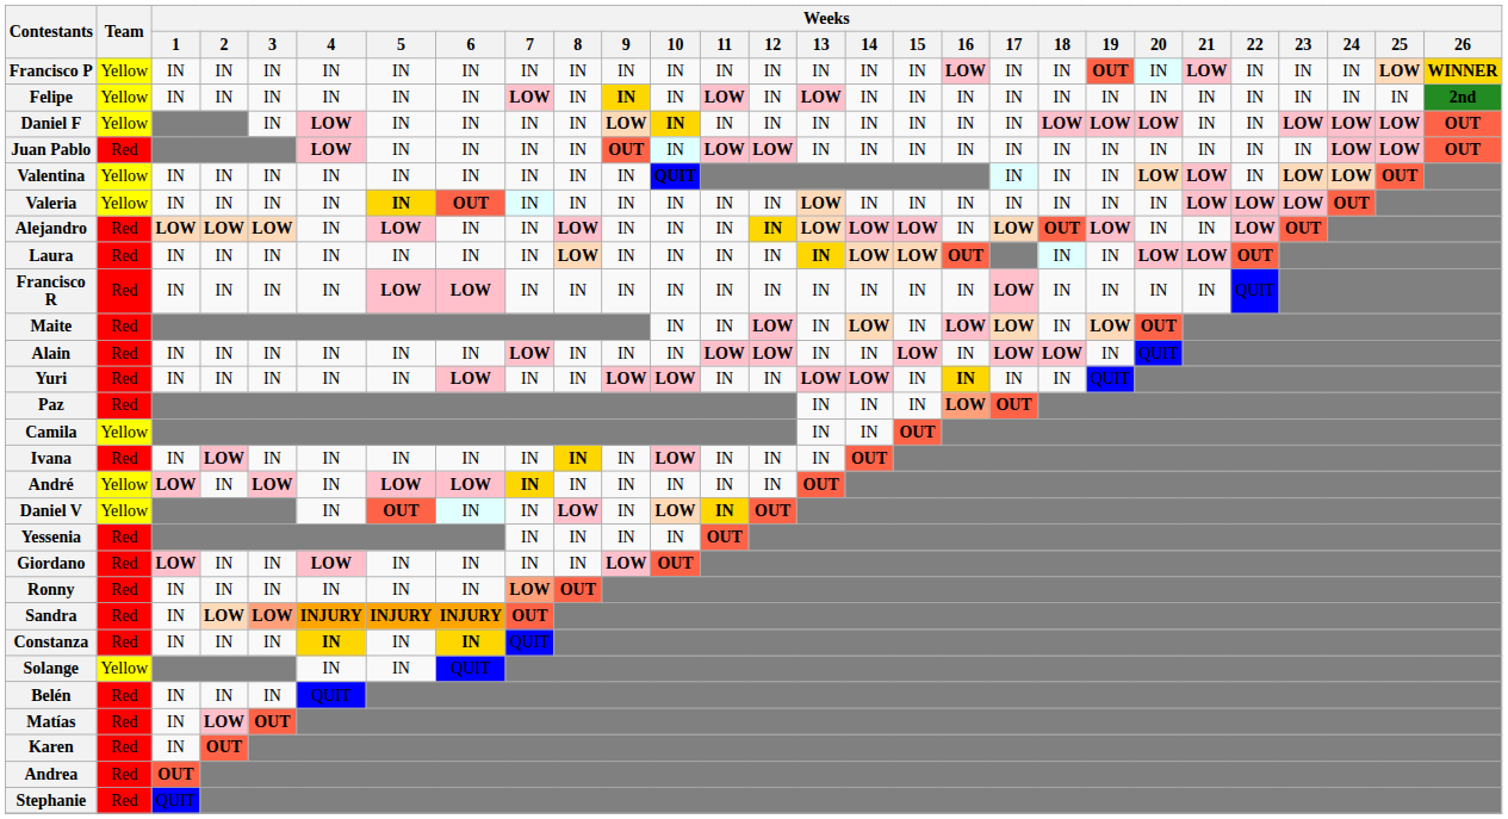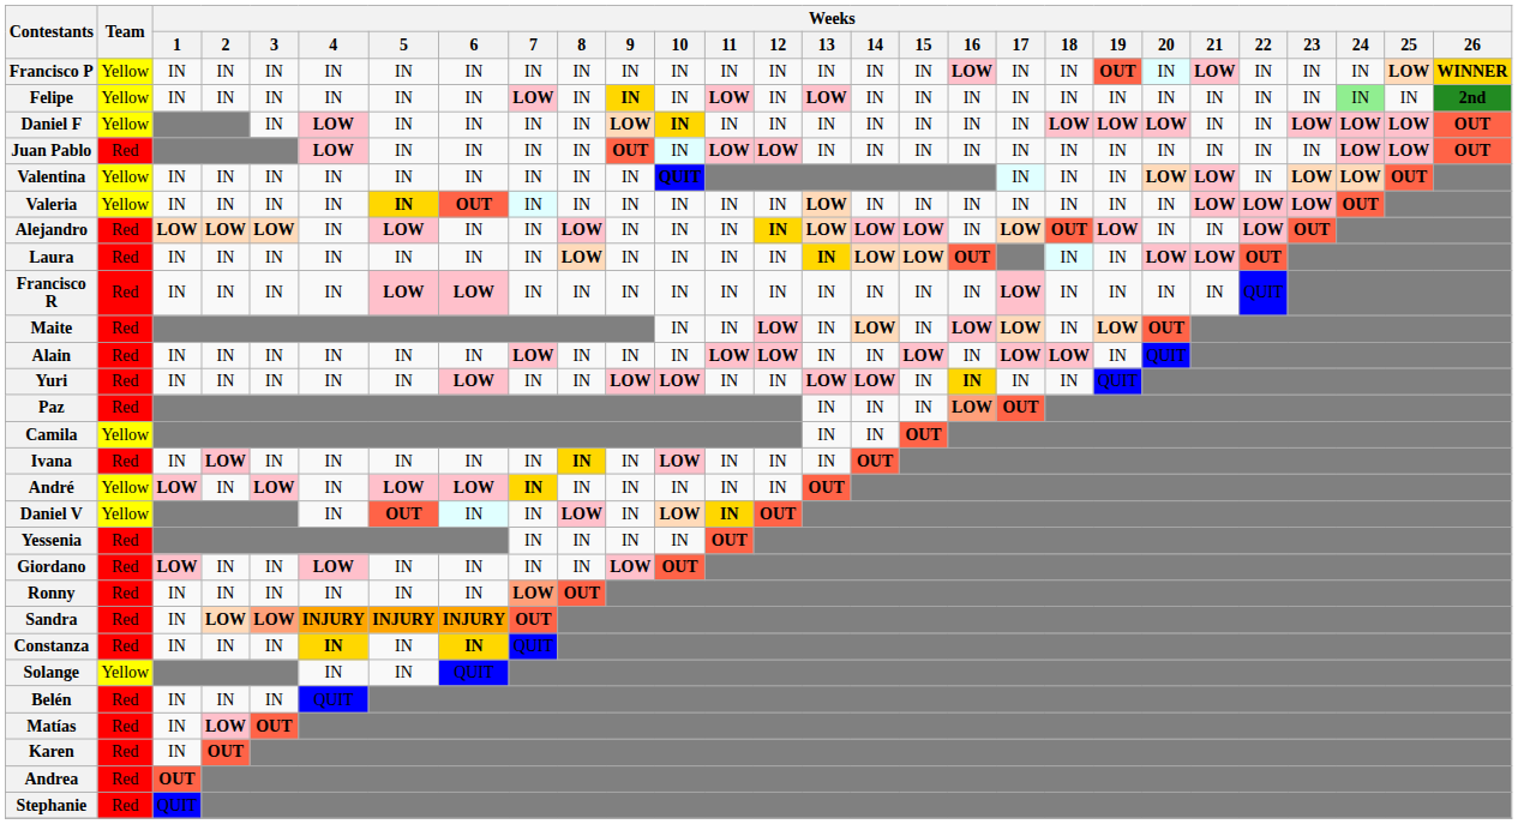 <table class="wikitable" style="text-align:center">
 <tr>
 <th rowspan=2>Contestants</th>
 <th rowspan=2>Team</th>
 <th colspan="26">Weeks</th>
 </tr>
 <tr>
 <th width="10px">1</th>
 <th width="20px">2</th>
 <th width="20px">3</th>
 <th width="20px">4</th>
 <th width="20px">5</th>
 <th width="20px">6</th>
 <th width="20px">7</th>
 <th width="20px">8</th>
 <th width="20px">9</th>
 <th width="20px">10</th>
 <th width="20px">11</th>
 <th width="20px">12</th>
 <th width="20px">13</th>
 <th width="20px">14</th>
 <th width="20px">15</th>
 <th width="20px">16</th>
 <th width="20px">17</th>
 <th width="20px">18</th>
 <th width="20px">19</th>
 <th width="20px">20</th>
 <th width="20px">21</th>
 <th width="20px">22</th>
 <th width="20px">23</th>
 <th width="20px">24</th>
 <th width="20px">25</th>
 <th width="20px">26</th>
 </tr>
 <tr>
 <th>Francisco P</th>
 <td bgcolor="yellow">Yellow</td>
 <td>IN</td>
 <td>IN</td>
 <td>IN</td>
 <td>IN</td>
 <td>IN</td>
 <td>IN</td>
 <td>IN</td>
 <td>IN</td>
 <td>IN</td>
 <td>IN</td>
 <td>IN</td>
 <td>IN</td>
 <td>IN</td>
 <td>IN</td>
 <td>IN</td>
 <td bgcolor="pink"><strong>LOW</strong></td>
 <td>IN</td>
 <td>IN</td>
 <td bgcolor="tomato"><strong>OUT</strong></td>
 <td bgcolor="LightCyan">IN</td>
 <td bgcolor="pink"><strong>LOW</strong></td>
 <td>IN</td>
 <td>IN</td>
 <td>IN</td>
 <td bgcolor="PeachPuff"><strong>LOW</strong></td>
 <td bgcolor="Gold"><strong>WINNER</strong></td>
 </tr>
 <tr>
 <th>Felipe</th>
 <td bgcolor="yellow">Yellow</td>
 <td>IN</td>
 <td>IN</td>
 <td>IN</td>
 <td>IN</td>
 <td>IN</td>
 <td>IN</td>
 <td bgcolor="pink"><strong>LOW</strong></td>
 <td>IN</td>
 <td bgcolor="Gold"><strong>IN</strong></td>
 <td>IN</td>
 <td bgcolor="pink"><strong>LOW</strong></td>
 <td>IN</td>
 <td bgcolor="pink"><strong>LOW</strong></td>
 <td>IN</td>
 <td>IN</td>
 <td>IN</td>
 <td>IN</td>
 <td>IN</td>
 <td>IN</td>
 <td>IN</td>
 <td>IN</td>
 <td>IN</td>
 <td>IN</td>
-<td>IN</td>
+<td style="background: lightgreen;">IN</td>
 <td>IN</td>
 <td bgcolor="ForestGreen"><span><strong>2nd</strong></span></td>
 </tr>
 <tr>
 <th>Daniel F</th>
 <td bgcolor="yellow">Yellow</td>
 <td colspan="2" bgcolor=gray></td>
 <td>IN</td>
 <td bgcolor="pink"><strong>LOW</strong></td>
 <td>IN</td>
 <td>IN</td>
 <td>IN</td>
 <td>IN</td>
 <td bgcolor="PeachPuff"><strong>LOW</strong></td>
 <td bgcolor="Gold"><strong>IN</strong></td>
 <td>IN</td>
 <td>IN</td>
 <td>IN</td>
 <td>IN</td>
 <td>IN</td>
 <td>IN</td>
 <td>IN</td>
 <td bgcolor="pink"><strong>LOW</strong></td>
 <td bgcolor="pink"><strong>LOW</strong></td>
 <td bgcolor="pink"><strong>LOW</strong></td>
 <td>IN</td>
 <td>IN</td>
 <td bgcolor="pink"><strong>LOW</strong></td>
 <td bgcolor="pink"><strong>LOW</strong></td>
 <td bgcolor="pink"><strong>LOW</strong></td>
 <td bgcolor="tomato"><strong>OUT</strong></td>
 </tr>
 <tr>
 <th>Juan Pablo</th>
 <td bgcolor="red">Red</td>
 <td colspan="3" bgcolor=gray></td>
 <td bgcolor="pink"><strong>LOW</strong></td>
 <td>IN</td>
 <td>IN</td>
 <td>IN</td>
 <td>IN</td>
 <td bgcolor="tomato"><strong>OUT</strong></td>
 <td bgcolor="LightCyan">IN</td>
 <td bgcolor="pink"><strong>LOW</strong></td>
 <td bgcolor="pink"><strong>LOW</strong></td>
 <td>IN</td>
 <td>IN</td>
 <td>IN</td>
 <td>IN</td>
 <td>IN</td>
 <td>IN</td>
 <td>IN</td>
 <td>IN</td>
 <td>IN</td>
 <td>IN</td>
 <td>IN</td>
 <td bgcolor="pink"><strong>LOW</strong></td>
 <td bgcolor="pink"><strong>LOW</strong></td>
 <td bgcolor="tomato"><strong>OUT</strong></td>
 </tr>
 <tr>
 <th>Valentina</th>
 <td bgcolor="yellow">Yellow</td>
 <td>IN</td>
 <td>IN</td>
 <td>IN</td>
 <td>IN</td>
 <td>IN</td>
 <td>IN</td>
 <td>IN</td>
 <td>IN</td>
 <td>IN</td>
 <td bgcolor="BLUE"><strong><span>QUIT</span></strong></td>
 <td colspan="6" bgcolor=gray></td>
 <td bgcolor="LightCyan">IN</td>
 <td>IN</td>
 <td>IN</td>
 <td bgcolor="PeachPuff"><strong>LOW</strong></td>
 <td bgcolor="pink"><strong>LOW</strong></td>
 <td>IN</td>
 <td bgcolor="PeachPuff"><strong>LOW</strong></td>
 <td bgcolor="PeachPuff"><strong>LOW</strong></td>
 <td bgcolor="tomato"><strong>OUT</strong></td>
 <td colspan="1" bgcolor=gray></td>
 </tr>
 <tr>
 <th>Valeria</th>
 <td bgcolor="yellow">Yellow</td>
 <td>IN</td>
 <td>IN</td>
 <td>IN</td>
 <td>IN</td>
 <td bgcolor="Gold"><strong>IN</strong></td>
 <td bgcolor="tomato"><strong>OUT</strong></td>
 <td bgcolor="LightCyan">IN</td>
 <td>IN</td>
 <td>IN</td>
 <td>IN</td>
 <td>IN</td>
 <td>IN</td>
 <td bgcolor="PeachPuff"><strong>LOW</strong></td>
 <td>IN</td>
 <td>IN</td>
 <td>IN</td>
 <td>IN</td>
 <td>IN</td>
 <td>IN</td>
 <td>IN</td>
 <td bgcolor="pink"><strong>LOW</strong></td>
 <td bgcolor="pink"><strong>LOW</strong></td>
 <td bgcolor="pink"><strong>LOW</strong></td>
 <td bgcolor="tomato"><strong>OUT</strong></td>
 <td colspan="2" bgcolor=gray></td>
 </tr>
 <tr>
 <th>Alejandro</th>
 <td bgcolor="red">Red</td>
 <td bgcolor="PeachPuff"><strong>LOW</strong></td>
 <td bgcolor="PeachPuff"><strong>LOW</strong></td>
 <td bgcolor="PeachPuff"><strong>LOW</strong></td>
 <td>IN</td>
 <td bgcolor="pink"><strong>LOW</strong></td>
 <td>IN</td>
 <td>IN</td>
 <td bgcolor="pink"><strong>LOW</strong></td>
 <td>IN</td>
 <td>IN</td>
 <td>IN</td>
 <td bgcolor="Gold"><strong>IN</strong></td>
 <td bgcolor="PeachPuff"><strong>LOW</strong></td>
 <td bgcolor="pink"><strong>LOW</strong></td>
 <td bgcolor="pink"><strong>LOW</strong></td>
 <td>IN</td>
 <td bgcolor="PeachPuff"><strong>LOW</strong></td>
 <td bgcolor="tomato"><strong>OUT</strong></td>
 <td bgcolor="pink"><strong>LOW</strong></td>
 <td>IN</td>
 <td>IN</td>
 <td bgcolor="pink"><strong>LOW</strong></td>
 <td bgcolor="tomato"><strong>OUT</strong></td>
 <td colspan="3" bgcolor=gray></td>
 </tr>
 <tr>
 <th>Laura</th>
 <td bgcolor="red">Red</td>
 <td>IN</td>
 <td>IN</td>
 <td>IN</td>
 <td>IN</td>
 <td>IN</td>
 <td>IN</td>
 <td>IN</td>
 <td bgcolor="PeachPuff"><strong>LOW</strong></td>
 <td>IN</td>
 <td>IN</td>
 <td>IN</td>
 <td>IN</td>
 <td bgcolor="Gold"><strong>IN</strong></td>
 <td bgcolor="PeachPuff"><strong>LOW</strong></td>
 <td bgcolor="PeachPuff"><strong>LOW</strong></td>
 <td bgcolor="tomato"><strong>OUT</strong></td>
 <td colspan="1" bgcolor=gray></td>
 <td bgcolor="LightCyan">IN</td>
 <td>IN</td>
 <td bgcolor="pink"><strong>LOW</strong></td>
 <td bgcolor="pink"><strong>LOW</strong></td>
 <td bgcolor="tomato"><strong>OUT</strong></td>
 <td colspan="4" bgcolor=gray></td>
 </tr>
 <tr>
 <th>Francisco R</th>
 <td bgcolor="red">Red</td>
 <td>IN</td>
 <td>IN</td>
 <td>IN</td>
 <td>IN</td>
 <td bgcolor="pink"><strong>LOW</strong></td>
 <td bgcolor="pink"><strong>LOW</strong></td>
 <td>IN</td>
 <td>IN</td>
 <td>IN</td>
 <td>IN</td>
 <td>IN</td>
 <td>IN</td>
 <td>IN</td>
 <td>IN</td>
 <td>IN</td>
 <td>IN</td>
 <td bgcolor="pink"><strong>LOW</strong></td>
 <td>IN</td>
 <td>IN</td>
 <td>IN</td>
 <td>IN</td>
 <td bgcolor="BLUE"><span>QUIT</span></td>
 <td colspan="4" bgcolor=gray></td>
 </tr>
 <tr>
 <th>Maite</th>
 <td bgcolor="red">Red</td>
 <td colspan="9" bgcolor=gray></td>
 <td>IN</td>
 <td>IN</td>
 <td bgcolor="pink"><strong>LOW</strong></td>
 <td>IN</td>
 <td bgcolor="PeachPuff"><strong>LOW</strong></td>
 <td>IN</td>
 <td bgcolor="pink"><strong>LOW</strong></td>
 <td bgcolor="PeachPuff"><strong>LOW</strong></td>
 <td>IN</td>
 <td bgcolor="PeachPuff"><strong>LOW</strong></td>
 <td bgcolor="tomato"><strong>OUT</strong></td>
 <td colspan="6" bgcolor=gray></td>
 </tr>
 <tr>
 <th>Alain</th>
 <td bgcolor="red">Red</td>
 <td>IN</td>
 <td>IN</td>
 <td>IN</td>
 <td>IN</td>
 <td>IN</td>
 <td>IN</td>
 <td bgcolor="pink"><strong>LOW</strong></td>
 <td>IN</td>
 <td>IN</td>
 <td>IN</td>
 <td bgcolor="pink"><strong>LOW</strong></td>
 <td bgcolor="pink"><strong>LOW</strong></td>
 <td>IN</td>
 <td>IN</td>
 <td bgcolor="pink"><strong>LOW</strong></td>
 <td>IN</td>
 <td bgcolor="pink"><strong>LOW</strong></td>
 <td bgcolor="pink"><strong>LOW</strong></td>
 <td>IN</td>
 <td bgcolor="BLUE"><span>QUIT</span></td>
 <td colspan="6" bgcolor=gray></td>
 </tr>
 <tr>
 <th>Yuri</th>
 <td bgcolor="red">Red</td>
 <td>IN</td>
 <td>IN</td>
 <td>IN</td>
 <td>IN</td>
 <td>IN</td>
 <td bgcolor="pink"><strong>LOW</strong></td>
 <td>IN</td>
 <td>IN</td>
 <td bgcolor="pink"><strong>LOW</strong></td>
 <td bgcolor="pink"><strong>LOW</strong></td>
 <td>IN</td>
 <td>IN</td>
 <td bgcolor="pink"><strong>LOW</strong></td>
 <td bgcolor="pink"><strong>LOW</strong></td>
 <td>IN</td>
 <td bgcolor="Gold"><strong>IN</strong></td>
 <td>IN</td>
 <td>IN</td>
 <td bgcolor="BLUE"><span>QUIT</span></td>
 <td colspan="26" bgcolor=gray></td>
 </tr>
 <tr>
 <th>Paz</th>
 <td bgcolor="red">Red</td>
 <td colspan="12" bgcolor=gray></td>
 <td>IN</td>
 <td>IN</td>
 <td>IN</td>
 <td bgcolor="LightSalmon"><strong>LOW</strong></td>
 <td bgcolor="tomato"><strong>OUT</strong></td>
 <td colspan="26" bgcolor=gray></td>
 </tr>
 <tr>
 <th>Camila</th>
 <td bgcolor="yellow">Yellow</td>
 <td colspan="12" bgcolor=gray></td>
 <td>IN</td>
 <td>IN</td>
 <td bgcolor="tomato"><strong>OUT</strong></td>
 <td colspan="26" bgcolor=gray></td>
 </tr>
 <tr>
 <th>Ivana</th>
 <td bgcolor="red">Red</td>
 <td>IN</td>
 <td bgcolor="pink"><strong>LOW</strong></td>
 <td>IN</td>
 <td>IN</td>
 <td>IN</td>
 <td>IN</td>
 <td>IN</td>
 <td bgcolor="Gold"><strong>IN</strong></td>
 <td>IN</td>
 <td bgcolor="pink"><strong>LOW</strong></td>
 <td>IN</td>
 <td>IN</td>
 <td>IN</td>
 <td bgcolor="tomato"><strong>OUT</strong></td>
 <td colspan="26" bgcolor=gray></td>
 </tr>
 <tr>
 <th>André</th>
 <td bgcolor="yellow">Yellow</td>
 <td bgcolor="Pink"><strong>LOW</strong></td>
 <td>IN</td>
 <td bgcolor="pink"><strong>LOW</strong></td>
 <td>IN</td>
 <td bgcolor="pink"><strong>LOW</strong></td>
 <td bgcolor="pink"><strong>LOW</strong></td>
 <td bgcolor="Gold"><strong>IN</strong></td>
 <td>IN</td>
 <td>IN</td>
 <td>IN</td>
 <td>IN</td>
 <td>IN</td>
 <td bgcolor="tomato"><strong>OUT</strong></td>
 <td colspan="26" bgcolor=gray></td>
 </tr>
 <tr>
 <th>Daniel V</th>
 <td bgcolor="yellow">Yellow</td>
 <td colspan="3" bgcolor=gray></td>
 <td>IN</td>
 <td bgcolor="tomato"><strong>OUT</strong></td>
 <td bgcolor="LightCyan">IN</td>
 <td>IN</td>
 <td bgcolor="pink"><strong>LOW</strong></td>
 <td>IN</td>
 <td bgcolor="PeachPuff"><strong>LOW</strong></td>
 <td bgcolor="Gold"><strong>IN</strong></td>
 <td bgcolor="tomato"><strong>OUT</strong></td>
 <td colspan="26" bgcolor=gray></td>
 </tr>
 <tr>
 <th>Yessenia</th>
 <td bgcolor="red">Red</td>
 <td colspan="6" bgcolor=gray></td>
 <td>IN</td>
 <td>IN</td>
 <td>IN</td>
 <td>IN</td>
 <td bgcolor="tomato"><strong>OUT</strong></td>
 <td colspan="26" bgcolor=gray></td>
 </tr>
 <tr>
 <th>Giordano</th>
 <td bgcolor="red">Red</td>
 <td bgcolor="pink"><strong>LOW</strong></td>
 <td>IN</td>
 <td>IN</td>
 <td bgcolor="pink"><strong>LOW</strong></td>
 <td>IN</td>
 <td>IN</td>
 <td>IN</td>
 <td>IN</td>
 <td bgcolor="pink"><strong>LOW</strong></td>
 <td bgcolor="tomato"><strong>OUT</strong></td>
 <td colspan="26" bgcolor=gray></td>
 </tr>
 <tr>
 <th>Ronny</th>
 <td bgcolor="red">Red</td>
 <td>IN</td>
 <td>IN</td>
 <td>IN</td>
 <td>IN</td>
 <td>IN</td>
 <td>IN</td>
 <td bgcolor="LightSalmon"><strong>LOW</strong></td>
 <td bgcolor="tomato"><strong>OUT</strong></td>
 <td colspan="26" bgcolor=gray></td>
 </tr>
 <tr>
 <th>Sandra</th>
 <td bgcolor="red">Red</td>
 <td>IN</td>
 <td bgcolor="PeachPuff"><strong>LOW</strong></td>
 <td bgcolor="LightSalmon"><strong>LOW</strong></td>
 <td bgcolor="orange"><strong>INJURY</strong></td>
 <td bgcolor="orange"><strong>INJURY</strong></td>
 <td bgcolor="orange"><strong>INJURY</strong></td>
 <td bgcolor="tomato"><strong>OUT</strong></td>
 <td colspan="26" bgcolor=gray></td>
 </tr>
 <tr>
 <th>Constanza</th>
 <td bgcolor="red">Red</td>
 <td>IN</td>
 <td>IN</td>
 <td>IN</td>
 <td bgcolor="Gold"><strong>IN</strong></td>
 <td>IN</td>
 <td bgcolor="Gold"><strong>IN</strong></td>
 <td bgcolor="BLUE"><span>QUIT</span></td>
 <td colspan="26" bgcolor=gray></td>
 </tr>
 <tr>
 <th>Solange</th>
 <td bgcolor="yellow">Yellow</td>
 <td colspan="3" bgcolor=gray></td>
 <td>IN</td>
 <td>IN</td>
 <td bgcolor="BLUE"><span>QUIT</span></td>
 <td colspan="26" bgcolor=gray></td>
 </tr>
 <tr>
 <th>Belén</th>
 <td bgcolor="red">Red</td>
 <td>IN</td>
 <td>IN</td>
 <td>IN</td>
 <td bgcolor="BLUE"><span>QUIT</span></td>
 <td colspan="26" bgcolor=gray></td>
 </tr>
 <tr>
 <th>Matías</th>
 <td bgcolor="red">Red</td>
 <td>IN</td>
 <td bgcolor="pink"><strong>LOW</strong></td>
 <td bgcolor="tomato"><strong>OUT</strong></td>
 <td colspan="26" bgcolor=gray></td>
 </tr>
 <tr>
 <th>Karen</th>
 <td bgcolor="red">Red</td>
 <td>IN</td>
 <td bgcolor="tomato"><strong>OUT</strong></td>
 <td colspan="26" bgcolor=gray></td>
 </tr>
 <tr>
 <th>Andrea</th>
 <td bgcolor="red">Red</td>
 <td bgcolor="tomato"><strong>OUT</strong></td>
 <td colspan="26" bgcolor=gray></td>
 </tr>
 <tr>
 <th>Stephanie</th>
 <td bgcolor="red">Red</td>
 <td bgcolor="BLUE"><span>QUIT</span></td>
 <td colspan="26" bgcolor=gray></td>
 </tr>
 <tr>
 </tr>
 </table>
